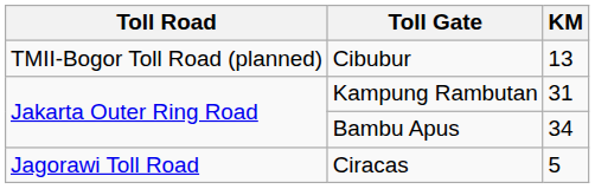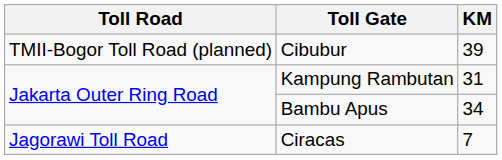 <table class="wikitable">
 <tr>
 <th>Toll Road</th>
 <th>Toll Gate</th>
 <th>KM</th>
 </tr>
 <tr>
 <td>TMII-Bogor Toll Road (planned)</td>
 <td>Cibubur</td>
-<td>13</td>
+<td>39</td>
 </tr>
 <tr>
 <td rowspan="2"><a href='#'>Jakarta Outer Ring Road</a></td>
 <td>Kampung Rambutan</td>
 <td>31</td>
 </tr>
 <tr>
 <td>Bambu Apus</td>
 <td>34</td>
 </tr>
 <tr>
 <td><a href='#'>Jagorawi Toll Road</a></td>
 <td>Ciracas</td>
-<td>5</td>
+<td>7</td>
 </tr>
 </table>
